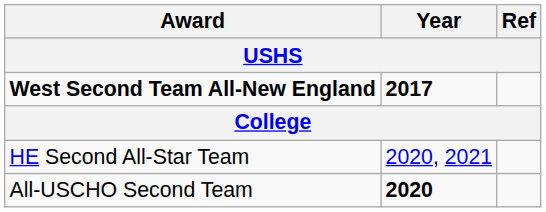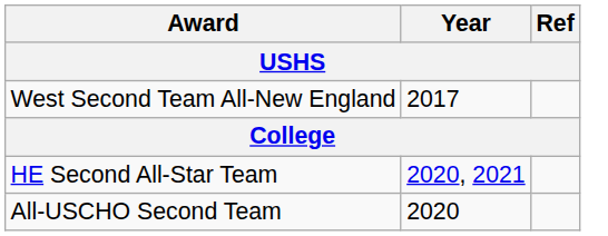 <table class="wikitable">
 <tr>
 <th>Award</th>
 <th>Year</th>
 <th>Ref</th>
 </tr>
 <tr>
 <th colspan="3"><a href='#'>USHS</a></th>
 </tr>
 <tr>
-<td><strong>West Second Team All-New England</strong></td>
-<td><strong>2017</strong></td>
+<td>West Second Team All-New England</td>
+<td>2017</td>
 <td></td>
 </tr>
 <tr>
 <th colspan="3"><a href='#'>College</a></th>
 </tr>
 <tr>
 <td><a href='#'>HE</a> Second All-Star Team</td>
 <td><a href='#'>2020</a>, <a href='#'>2021</a></td>
 <td></td>
 </tr>
 <tr>
 <td>All-USCHO Second Team</td>
-<td><strong>2020</strong></td>
+<td>2020</td>
 <td></td>
 </tr>
 </table>
